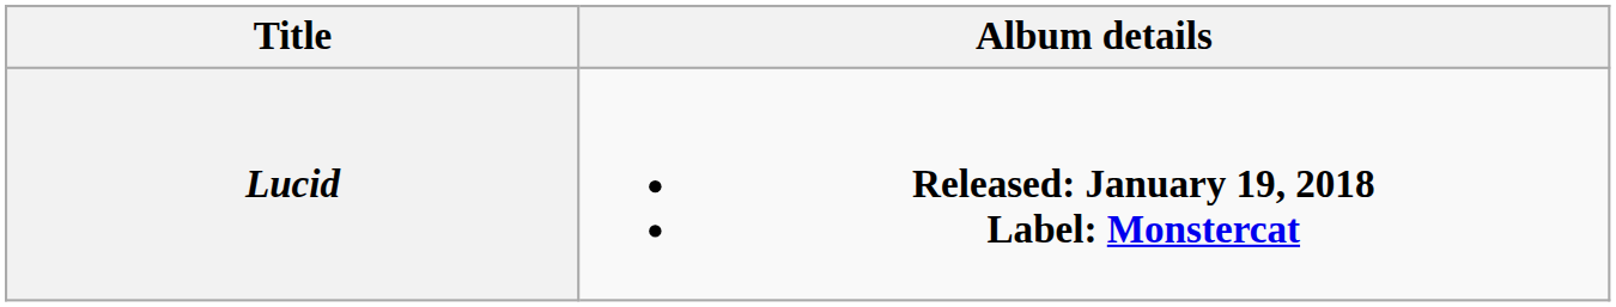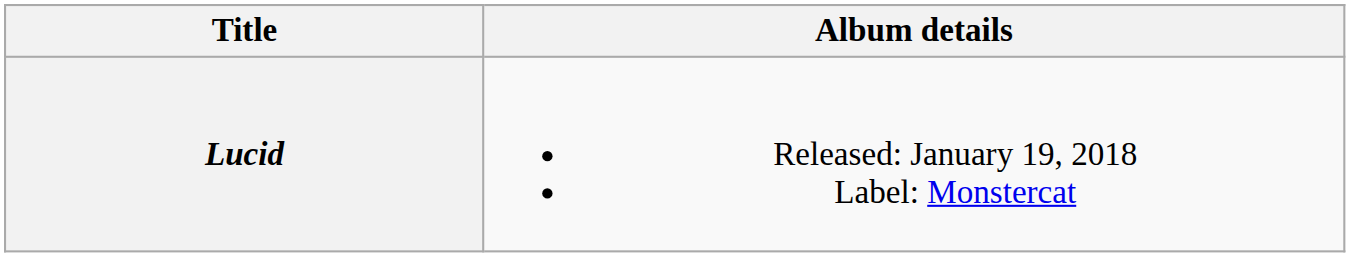 <table class="wikitable plainrowheaders" style="text-align:center;">
 <tr>
 <th scope="col" style="width:14em;">Title</th>
 <th scope="col" style="width:25.5em;">Album details</th>
 </tr>
 <tr>
 <th scope="row"><em>Lucid</em></th>
-<td><strong><br><ul><li>Released: January 19, 2018</li><li>Label: <a href='#'>Monstercat</a></li></ul></strong></td>
+<td><br><ul><li>Released: January 19, 2018</li><li>Label: <a href='#'>Monstercat</a></li></ul></td>
 </tr>
 </table>
